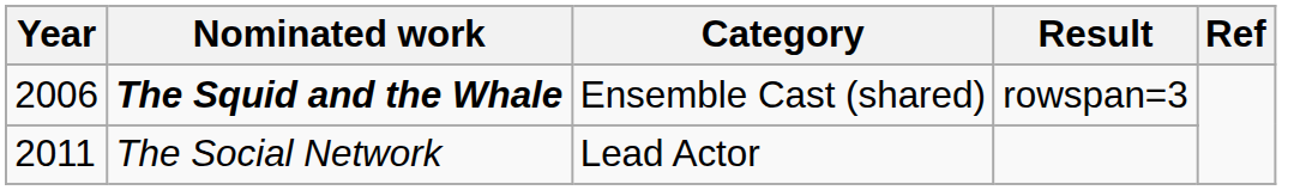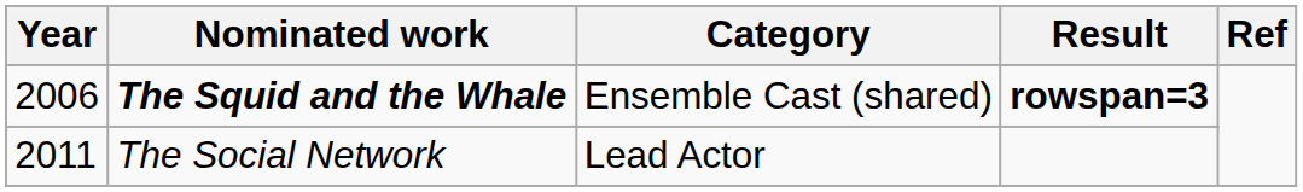 <table class="wikitable">
 <tr>
 <th>Year</th>
 <th>Nominated work</th>
 <th>Category</th>
 <th>Result</th>
 <th>Ref</th>
 </tr>
 <tr>
 <td>2006</td>
 <td><strong><em>The Squid and the Whale</em></strong></td>
 <td rowspan=2>Ensemble Cast (shared)</td>
-<td>rowspan=3 </td>
+<td><strong>rowspan=3 </strong></td>
 <td rowspan=3></td>
 </tr>
 <tr>
 <td rowspan=2>2011</td>
 <td rowspan=2><em>The Social Network</em></td>
 </tr>
 <tr>
 <td>Lead Actor</td>
 </tr>
 </table>
